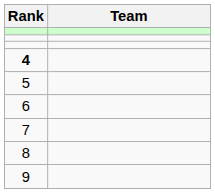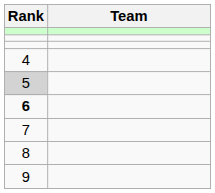 <table class="wikitable">
 <tr>
 <th>Rank</th>
 <th width=170>Team</th>
 </tr>
 <tr bgcolor=#ccffcc>
 <td align=center></td>
 <td></td>
 </tr>
 <tr>
 <td align=center></td>
 <td></td>
 </tr>
 <tr>
 <td align=center></td>
 <td></td>
 </tr>
 <tr>
-<td align=center><strong>4</strong></td>
+<td align=center>4</td>
 <td></td>
 </tr>
 <tr>
-<td align=center>5</td>
+<td align=center style="background: lightgrey;">5</td>
 <td></td>
 </tr>
 <tr>
-<td align=center>6</td>
+<td align=center><strong>6</strong></td>
 <td></td>
 </tr>
 <tr>
 <td align=center>7</td>
 <td></td>
 </tr>
 <tr>
 <td align=center>8</td>
 <td></td>
 </tr>
 <tr>
 <td align=center>9</td>
 <td></td>
 </tr>
 </table>
